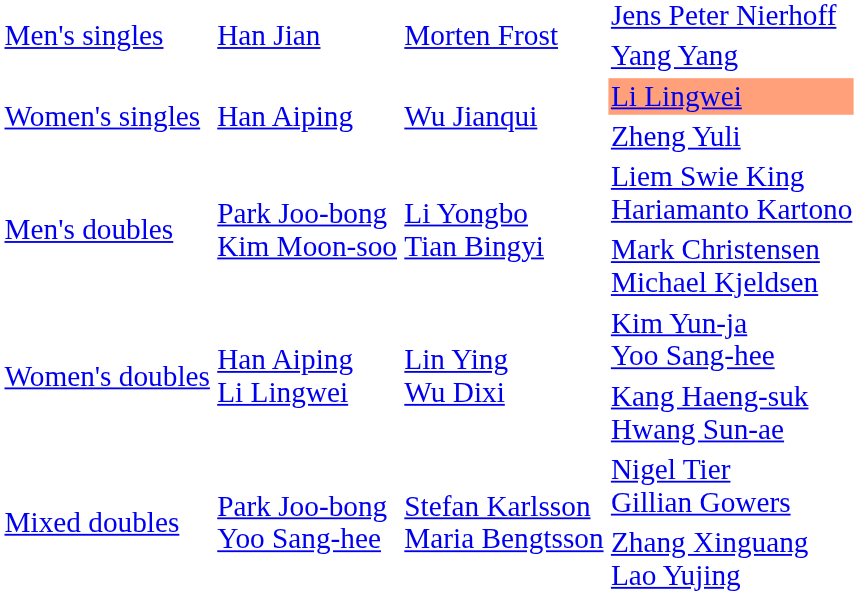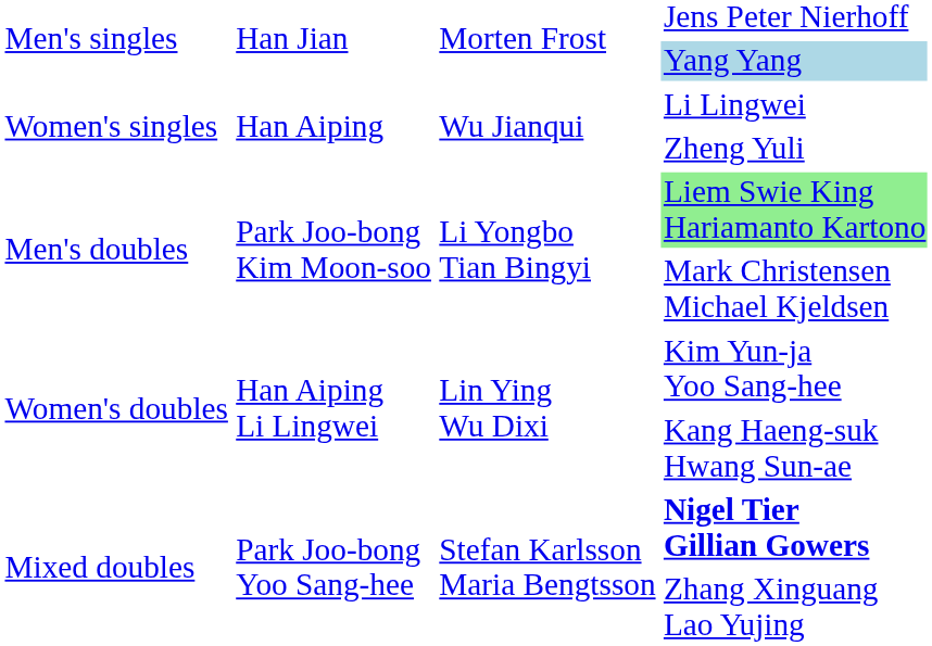 <table>
 <tr>
 <td rowspan=2><a href='#'>Men's singles</a></td>
 <td rowspan=2> <a href='#'>Han Jian</a></td>
 <td rowspan=2> <a href='#'>Morten Frost</a></td>
 <td> <a href='#'>Jens Peter Nierhoff</a></td>
 </tr>
 <tr>
-<td> <a href='#'>Yang Yang</a></td>
+<td style="background: lightblue;"> <a href='#'>Yang Yang</a></td>
 </tr>
 <tr>
 <td rowspan=2><a href='#'>Women's singles</a></td>
 <td rowspan=2> <a href='#'>Han Aiping</a></td>
 <td rowspan=2> <a href='#'>Wu Jianqui</a></td>
-<td style="background: lightsalmon;"> <a href='#'>Li Lingwei</a></td>
+<td> <a href='#'>Li Lingwei</a></td>
 </tr>
 <tr>
 <td> <a href='#'>Zheng Yuli</a></td>
 </tr>
 <tr>
 <td rowspan=2><a href='#'>Men's doubles</a></td>
 <td rowspan=2><a href='#'>Park Joo-bong</a><br> <a href='#'>Kim Moon-soo</a></td>
 <td rowspan=2> <a href='#'>Li Yongbo</a><br> <a href='#'>Tian Bingyi</a></td>
-<td> <a href='#'>Liem Swie King</a><br> <a href='#'>Hariamanto Kartono</a></td>
+<td style="background: lightgreen;"> <a href='#'>Liem Swie King</a><br> <a href='#'>Hariamanto Kartono</a></td>
 </tr>
 <tr>
 <td> <a href='#'>Mark Christensen</a><br>  <a href='#'>Michael Kjeldsen</a></td>
 </tr>
 <tr>
 <td rowspan=2><a href='#'>Women's doubles</a></td>
 <td rowspan=2> <a href='#'>Han Aiping</a><br> <a href='#'>Li Lingwei</a></td>
 <td rowspan=2> <a href='#'>Lin Ying</a><br> <a href='#'>Wu Dixi</a></td>
 <td> <a href='#'>Kim Yun-ja</a><br> <a href='#'>Yoo Sang-hee</a></td>
 </tr>
 <tr>
 <td> <a href='#'>Kang Haeng-suk</a><br>  <a href='#'>Hwang Sun-ae</a></td>
 </tr>
 <tr>
 <td rowspan=2><a href='#'>Mixed doubles</a></td>
 <td rowspan=2> <a href='#'>Park Joo-bong</a> <br> <a href='#'>Yoo Sang-hee</a></td>
 <td rowspan=2> <a href='#'>Stefan Karlsson</a><br>  <a href='#'>Maria Bengtsson</a></td>
-<td> <a href='#'>Nigel Tier</a><br> <a href='#'>Gillian Gowers</a></td>
+<td><strong> <a href='#'>Nigel Tier</a><br> <a href='#'>Gillian Gowers</a></strong></td>
 </tr>
 <tr>
 <td> <a href='#'>Zhang Xinguang</a><br> <a href='#'>Lao Yujing</a></td>
 </tr>
 </table>
